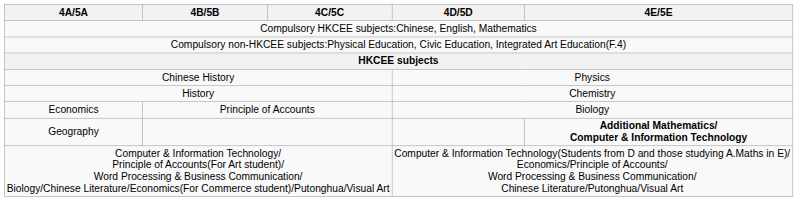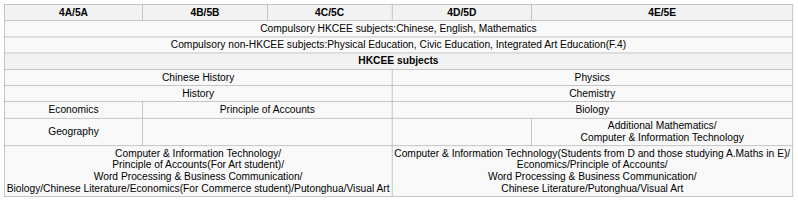 <table class="wikitable" border="1">
 <tr>
 <th align="center">4A/5A</th>
 <th align="center">4B/5B</th>
 <th align="center">4C/5C</th>
 <th align="center">4D/5D</th>
 <th align="center">4E/5E</th>
 </tr>
 <tr>
 <td colspan=5 align="center">Compulsory HKCEE subjects:Chinese, English, Mathematics</td>
 </tr>
 <tr>
 <td colspan=5 align="center">Compulsory non-HKCEE subjects:Physical Education, Civic Education, Integrated Art Education(F.4)</td>
 </tr>
 <tr>
 <th colspan=6 align="center">HKCEE subjects</th>
 </tr>
 <tr>
 <td colspan=3 align="center">Chinese History</td>
 <td colspan=2 align="center">Physics</td>
 </tr>
 <tr>
 <td colspan=3 align="center">History</td>
 <td colspan=2 align="center">Chemistry</td>
 </tr>
 <tr>
 <td colspan=1 align="center">Economics</td>
 <td colspan=2 align="center">Principle of Accounts</td>
 <td colspan=2 align="center">Biology</td>
 </tr>
 <tr>
 <td colspan=1 align="center">Geography</td>
 <td colspan=2 align="center"></td>
 <td colspan=1 align="center">           <br>                              </td>
-<td colspan=1 align="center"><strong>Additional Mathematics/<br>Computer & Information Technology</strong></td>
+<td colspan=1 align="center">Additional Mathematics/<br>Computer & Information Technology</td>
 </tr>
 <tr>
 <td colspan=3 align="center">Computer & Information Technology/<br>Principle of Accounts(For Art student)/<br>Word Processing & Business Communication/<br>Biology/Chinese Literature/Economics(For Commerce student)/Putonghua/Visual Art</td>
 <td colspan=2 align="center">Computer & Information Technology(Students from D and those studying A.Maths in E)/<br>Economics/Principle of Accounts/<br>Word Processing & Business Communication/<br>Chinese Literature/Putonghua/Visual Art</td>
 </tr>
 </table>
